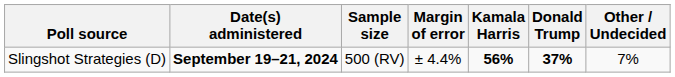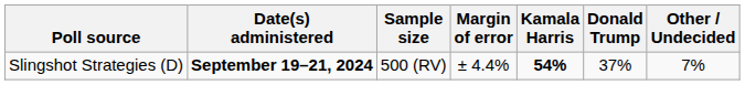 <table class="wikitable sortable mw-datatable" style="font-size:90%;text-align:center;line-height:17px">
 <tr valign=bottom>
 <th>Poll source</th>
 <th>Date(s)<br>administered</th>
 <th>Sample<br>size</th>
 <th>Margin<br>of error</th>
 <th class="unsortable">Kamala<br>Harris<br></th>
 <th class="unsortable">Donald<br>Trump<br></th>
 <th class="unsortable">Other /<br>Undecided</th>
 </tr>
 <tr>
 <td style="text-align:left;">Slingshot Strategies (D)</td>
 <td data-sort-value="2024-09-21"><strong>September 19–21, 2024</strong></td>
 <td>500 (RV)</td>
 <td>± 4.4%</td>
-<td style="color:black;background-color:"><strong>56%</strong></td>
-<td><strong>37%</strong></td>
+<td style="color:black;background-color:"><strong>54%</strong></td>
+<td>37%</td>
 <td>7%</td>
 </tr>
 </table>
